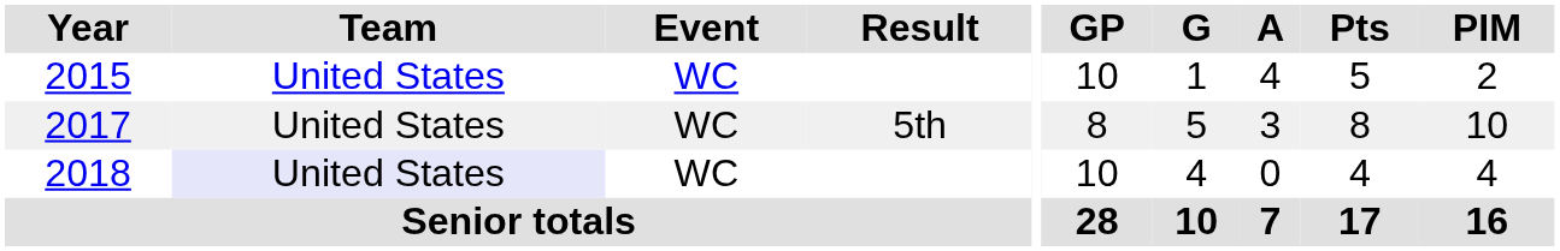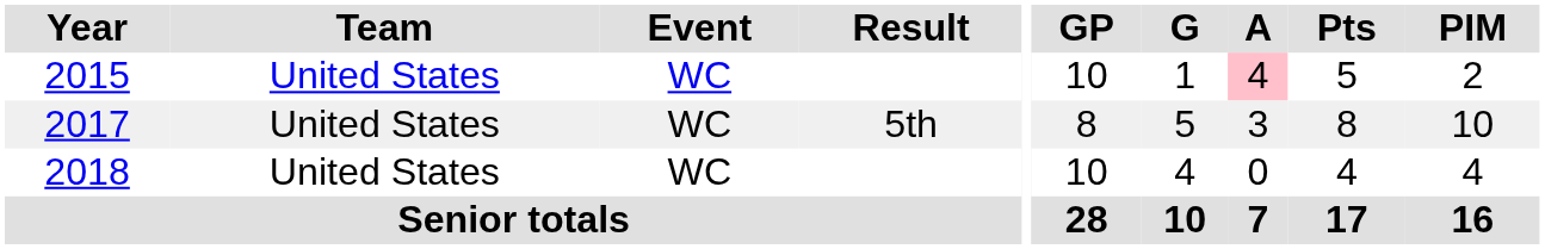 <table border="0" cellpadding="1" cellspacing="0" ID="Table3" style="text-align:center; width:40em">
 <tr ALIGN="center" bgcolor="#e0e0e0">
 <th>Year</th>
 <th>Team</th>
 <th>Event</th>
 <th>Result</th>
 <th rowspan="99" bgcolor="#ffffff"></th>
 <th>GP</th>
 <th>G</th>
 <th>A</th>
 <th>Pts</th>
 <th>PIM</th>
 </tr>
 <tr>
 <td><a href='#'>2015</a></td>
 <td><a href='#'>United States</a></td>
 <td><a href='#'>WC</a></td>
 <td></td>
 <td>10</td>
 <td>1</td>
-<td>4</td>
+<td style="background: pink;">4</td>
 <td>5</td>
 <td>2</td>
 </tr>
 <tr bgcolor="#f0f0f0">
 <td><a href='#'>2017</a></td>
 <td>United States</td>
 <td>WC</td>
 <td>5th</td>
 <td>8</td>
 <td>5</td>
 <td>3</td>
 <td>8</td>
 <td>10</td>
 </tr>
 <tr>
 <td><a href='#'>2018</a></td>
-<td style="background: lavender;">United States</td>
+<td>United States</td>
 <td>WC</td>
 <td></td>
 <td>10</td>
 <td>4</td>
 <td>0</td>
 <td>4</td>
 <td>4</td>
 </tr>
 <tr bgcolor="#e0e0e0">
 <th colspan="4">Senior totals</th>
 <th>28</th>
 <th>10</th>
 <th>7</th>
 <th>17</th>
 <th>16</th>
 </tr>
 </table>
